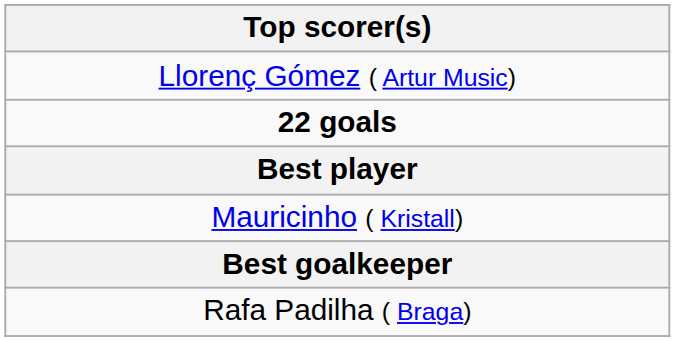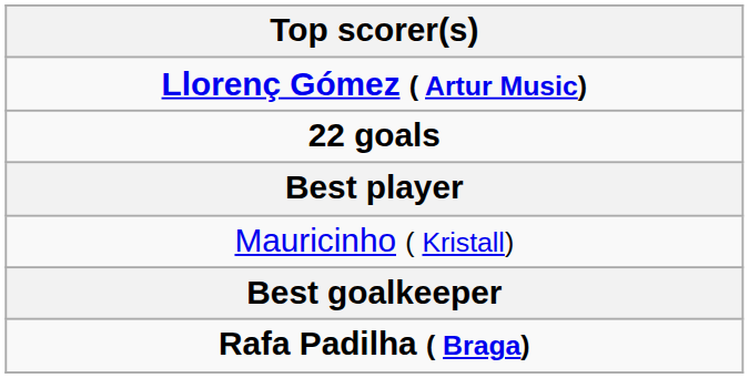 <table class="wikitable" style="margin: 1em auto 1em auto;">
 <tr>
 <th width=350 colspan=3>Top scorer(s)</th>
 </tr>
 <tr align=center style="background:">
-<td style="text-align:center;"> <a href='#'>Llorenç Gómez</a> <small>( <a href='#'>Artur Music</a>)</small></td>
+<td style="text-align:center;"><strong> <a href='#'>Llorenç Gómez</a> <small>( <a href='#'>Artur Music</a>)</small></strong></td>
 </tr>
 <tr>
 <td style="text-align:center;"><strong>22 goals</strong></td>
 </tr>
 <tr>
 <th colspan=3>Best player</th>
 </tr>
 <tr>
 <td style="text-align:center;"> <a href='#'>Mauricinho</a> <small>( <a href='#'>Kristall</a>)</small></td>
 </tr>
 <tr>
 <th colspan=3>Best goalkeeper</th>
 </tr>
 <tr>
-<td style="text-align:center;"> Rafa Padilha <small>( <a href='#'>Braga</a>)</small></td>
+<td style="text-align:center;"><strong> Rafa Padilha <small>( <a href='#'>Braga</a>)</small></strong></td>
 </tr>
 </table>
